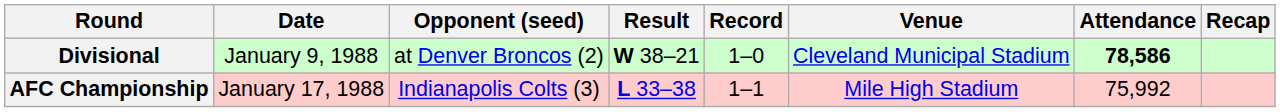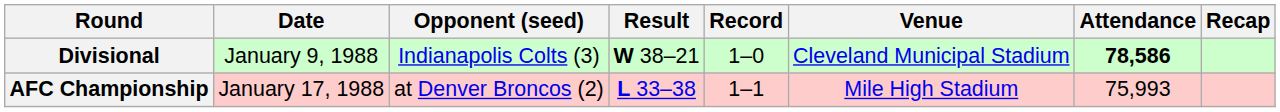 <table class="wikitable" style="text-align:center">
 <tr>
 <th>Round</th>
 <th>Date</th>
 <th>Opponent (seed)</th>
 <th>Result</th>
 <th>Record</th>
 <th>Venue</th>
 <th>Attendance</th>
 <th>Recap</th>
 </tr>
 <tr style="background:#cfc">
 <th>Divisional</th>
 <td>January 9, 1988</td>
-<td>at <a href='#'>Denver Broncos</a> (2)</td>
+<td><a href='#'>Indianapolis Colts</a> (3)</td>
 <td><strong>W</strong> 38–21</td>
 <td>1–0</td>
 <td><a href='#'>Cleveland Municipal Stadium</a></td>
 <td><strong>78,586</strong></td>
 <td></td>
 </tr>
 <tr style="background:#fcc">
 <th>AFC Championship</th>
 <td>January 17, 1988</td>
-<td><a href='#'>Indianapolis Colts</a> (3)</td>
+<td>at <a href='#'>Denver Broncos</a> (2)</td>
 <td><a href='#'><strong>L</strong> 33–38</a></td>
 <td>1–1</td>
 <td><a href='#'>Mile High Stadium</a></td>
-<td>75,992</td>
+<td>75,993</td>
 <td></td>
 </tr>
 </table>
